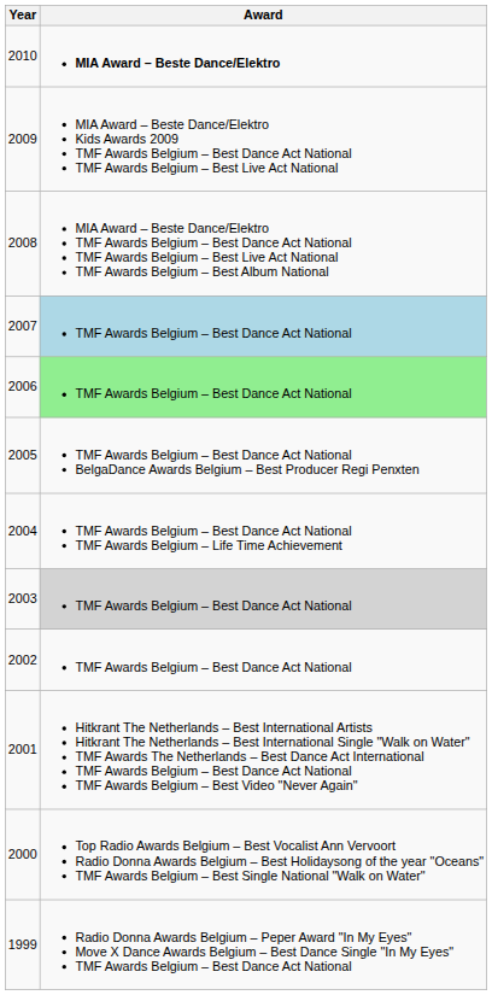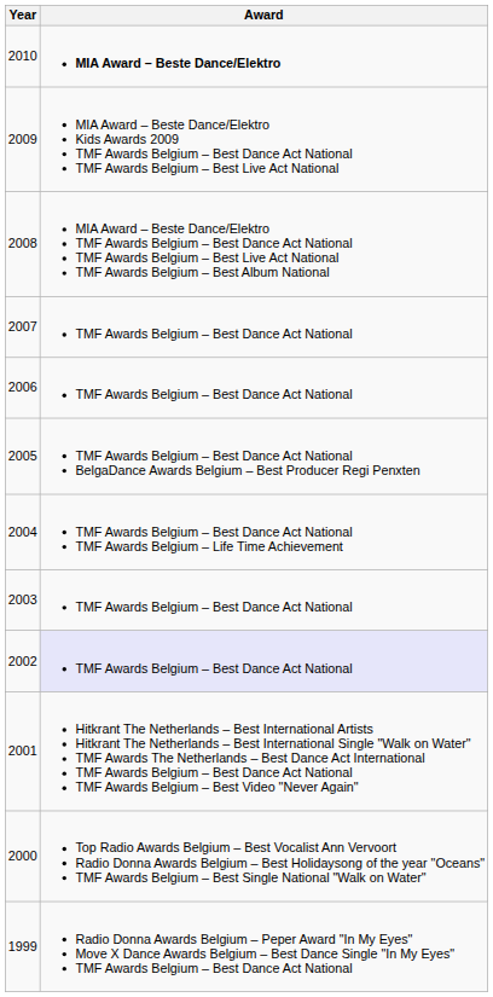 <table class="wikitable">
 <tr>
 <th>Year</th>
 <th>Award</th>
 </tr>
 <tr>
 <td>2010</td>
 <td><strong><br><ul><li>MIA Award – Beste Dance/Elektro</li></ul></strong></td>
 </tr>
 <tr>
 <td>2009</td>
 <td><br><ul><li>MIA Award – Beste Dance/Elektro</li><li>Kids Awards 2009</li><li>TMF Awards Belgium – Best Dance Act National</li><li>TMF Awards Belgium – Best Live Act National</li></ul></td>
 </tr>
 <tr>
 <td>2008</td>
 <td><br><ul><li>MIA Award – Beste Dance/Elektro</li><li>TMF Awards Belgium – Best Dance Act National</li><li>TMF Awards Belgium – Best Live Act National</li><li>TMF Awards Belgium – Best Album National</li></ul></td>
 </tr>
 <tr>
 <td>2007</td>
-<td style="background: lightblue;"><br><ul><li>TMF Awards Belgium – Best Dance Act National</li></ul></td>
+<td><br><ul><li>TMF Awards Belgium – Best Dance Act National</li></ul></td>
 </tr>
 <tr>
 <td>2006</td>
-<td style="background: lightgreen;"><br><ul><li>TMF Awards Belgium – Best Dance Act National</li></ul></td>
+<td><br><ul><li>TMF Awards Belgium – Best Dance Act National</li></ul></td>
 </tr>
 <tr>
 <td>2005</td>
 <td><br><ul><li>TMF Awards Belgium – Best Dance Act National</li><li>BelgaDance Awards Belgium – Best Producer Regi Penxten</li></ul></td>
 </tr>
 <tr>
 <td>2004</td>
 <td><br><ul><li>TMF Awards Belgium – Best Dance Act National</li><li>TMF Awards Belgium – Life Time Achievement</li></ul></td>
 </tr>
 <tr>
 <td>2003</td>
-<td style="background: lightgrey;"><br><ul><li>TMF Awards Belgium – Best Dance Act National</li></ul></td>
+<td><br><ul><li>TMF Awards Belgium – Best Dance Act National</li></ul></td>
 </tr>
 <tr>
 <td>2002</td>
-<td><br><ul><li>TMF Awards Belgium – Best Dance Act National</li></ul></td>
+<td style="background: lavender;"><br><ul><li>TMF Awards Belgium – Best Dance Act National</li></ul></td>
 </tr>
 <tr>
 <td>2001</td>
 <td><br><ul><li>Hitkrant The Netherlands – Best International Artists</li><li>Hitkrant The Netherlands – Best International Single "Walk on Water"</li><li>TMF Awards The Netherlands – Best Dance Act International</li><li>TMF Awards Belgium – Best Dance Act National</li><li>TMF Awards Belgium – Best Video "Never Again"</li></ul></td>
 </tr>
 <tr>
 <td>2000</td>
 <td><br><ul><li>Top Radio Awards Belgium – Best Vocalist Ann Vervoort</li><li>Radio Donna Awards Belgium – Best Holidaysong of the year "Oceans"</li><li>TMF Awards Belgium – Best Single National "Walk on Water"</li></ul></td>
 </tr>
 <tr>
 <td>1999</td>
 <td><br><ul><li>Radio Donna Awards Belgium – Peper Award "In My Eyes"</li><li>Move X Dance Awards Belgium – Best Dance Single "In My Eyes"</li><li>TMF Awards Belgium – Best Dance Act National</li></ul></td>
 </tr>
 </table>
